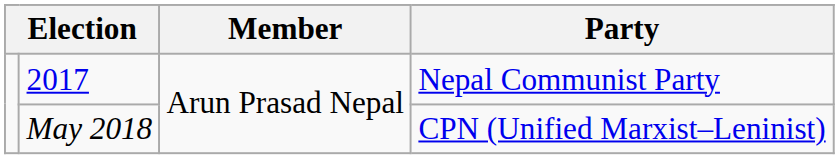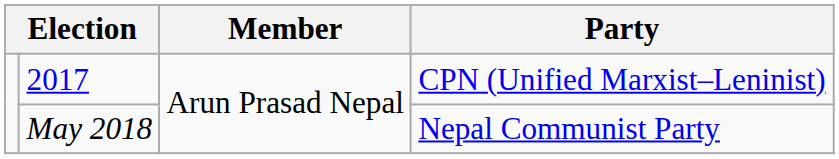 <table class="wikitable">
 <tr>
 <th colspan="2">Election</th>
 <th>Member</th>
 <th>Party</th>
 </tr>
 <tr>
 <td rowspan="2" style="background-color:"></td>
 <td><a href='#'>2017</a></td>
 <td rowspan="2">Arun Prasad Nepal</td>
-<td><a href='#'>Nepal Communist Party</a></td>
+<td><a href='#'>CPN (Unified Marxist–Leninist)</a></td>
 </tr>
 <tr>
 <td><em>May 2018</em></td>
-<td><a href='#'>CPN (Unified Marxist–Leninist)</a></td>
+<td><a href='#'>Nepal Communist Party</a></td>
 </tr>
 </table>
